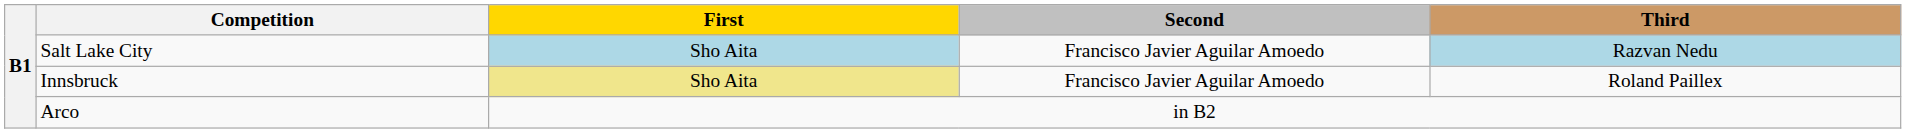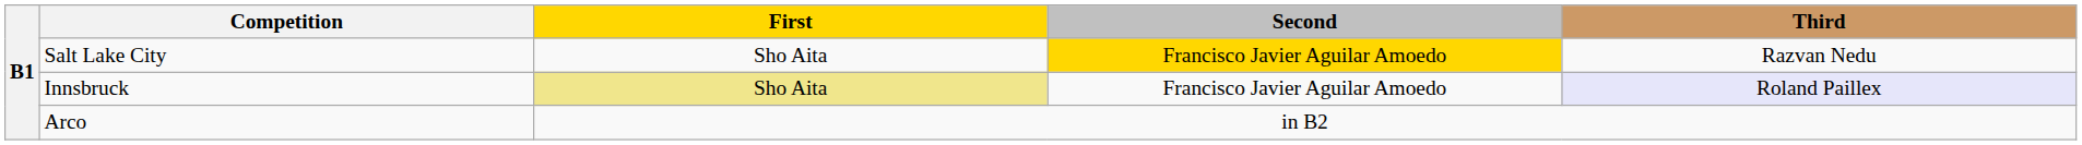 <table class="wikitable" style="text-align:center;">
 <tr>
 <th rowspan="4" width="1%">B1</th>
 <th width="24%">Competition</th>
 <th width="25%" style="background: gold">First</th>
 <th width="25%" style="background: silver">Second</th>
 <th width="25%" style="background: #cc9966">Third</th>
 </tr>
 <tr>
 <td style="text-align:left"> Salt Lake City</td>
-<td style="background: lightblue;"> Sho Aita</td>
-<td> Francisco Javier Aguilar Amoedo</td>
-<td style="background: lightblue;"> Razvan Nedu</td>
+<td> Sho Aita</td>
+<td style="background: gold;"> Francisco Javier Aguilar Amoedo</td>
+<td> Razvan Nedu</td>
 </tr>
 <tr>
 <td style="text-align:left"> Innsbruck</td>
 <td style="background: khaki;"> Sho Aita</td>
 <td> Francisco Javier Aguilar Amoedo</td>
-<td> Roland Paillex</td>
+<td style="background: lavender;"> Roland Paillex</td>
 </tr>
 <tr>
 <td style="text-align:left"> Arco</td>
 <td colspan="3">in B2</td>
 </tr>
 </table>
